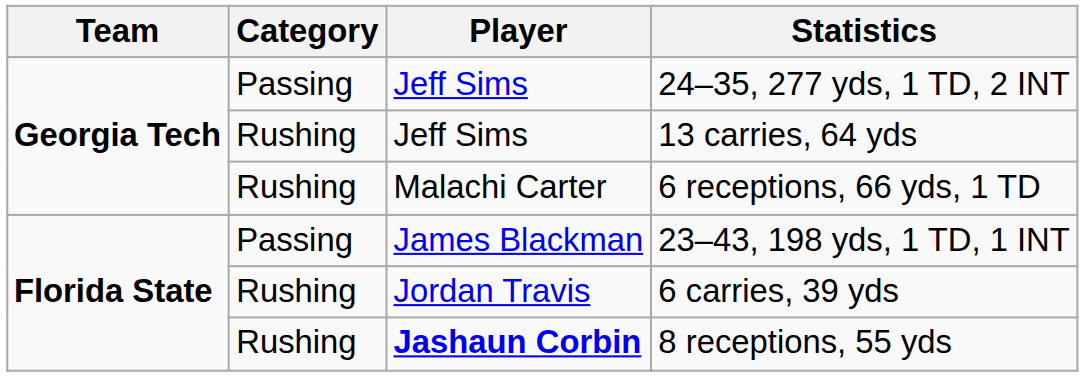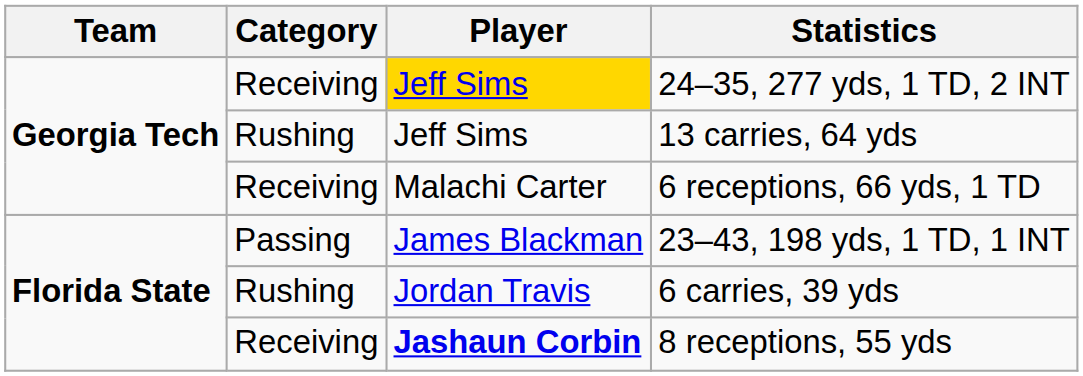 <table class="wikitable" style="float: right;">
 <tr>
 <th>Team</th>
 <th>Category</th>
 <th>Player</th>
 <th>Statistics</th>
 </tr>
 <tr>
 <td rowspan=3><strong>Georgia Tech</strong></td>
-<td>Passing</td>
-<td><a href='#'>Jeff Sims</a></td>
+<td>Receiving</td>
+<td style="background: gold;"><a href='#'>Jeff Sims</a></td>
 <td>24–35, 277 yds, 1 TD, 2 INT</td>
 </tr>
 <tr>
 <td>Rushing</td>
 <td>Jeff Sims</td>
 <td>13 carries, 64 yds</td>
 </tr>
 <tr>
-<td>Rushing</td>
+<td>Receiving</td>
 <td>Malachi Carter</td>
 <td>6 receptions, 66 yds, 1 TD</td>
 </tr>
 <tr>
 <td rowspan=3><strong>Florida State</strong></td>
 <td>Passing</td>
 <td><a href='#'>James Blackman</a></td>
 <td>23–43, 198 yds, 1 TD, 1 INT</td>
 </tr>
 <tr>
 <td>Rushing</td>
 <td><a href='#'>Jordan Travis</a></td>
 <td>6 carries, 39 yds</td>
 </tr>
 <tr>
-<td>Rushing</td>
+<td>Receiving</td>
 <td><strong><a href='#'>Jashaun Corbin</a></strong></td>
 <td>8 receptions, 55 yds</td>
 </tr>
 </table>
